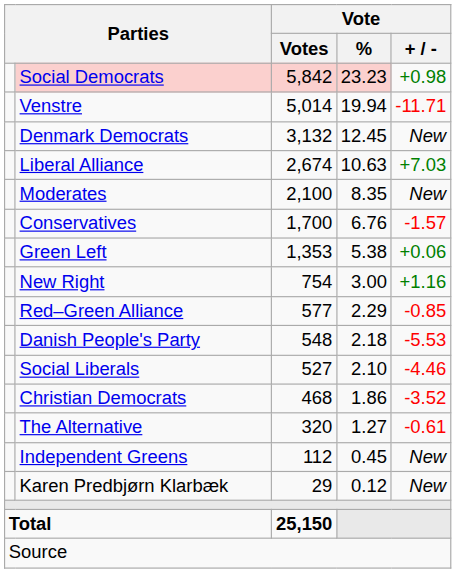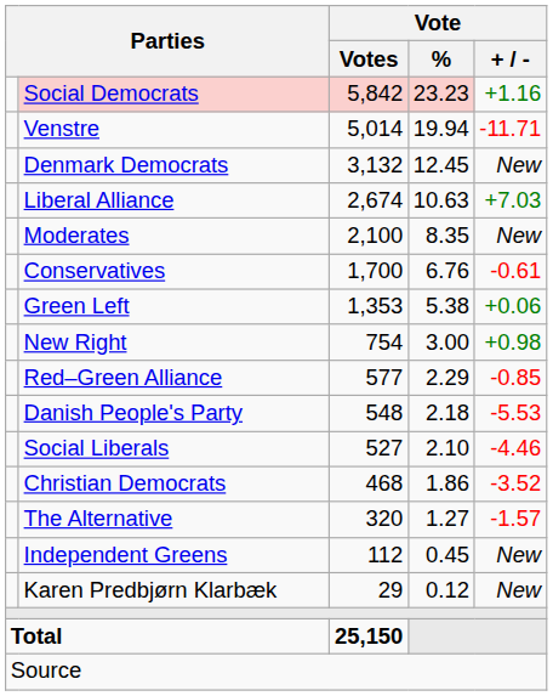 <table class="wikitable" style="text-align:right;">
 <tr>
 <th style="text-align:centre;" rowspan="2" colspan="2" width="225">Parties</th>
 <th colspan="3">Vote</th>
 </tr>
 <tr>
 <th width="15">Votes</th>
 <th width="15">%</th>
 <th width="15">+ / -</th>
 </tr>
 <tr>
 <td width="2" style="color:inherit;background:"></td>
 <td bgcolor=#fbd0ce  align="left"><a href='#'>Social Democrats</a></td>
 <td bgcolor=#fbd0ce>5,842</td>
 <td bgcolor=#fbd0ce>23.23</td>
-<td style=color:green;>+0.98</td>
+<td style=color:green;>+1.16</td>
 </tr>
 <tr>
 <td width="2" style="color:inherit;background:"></td>
 <td align="left"><a href='#'>Venstre</a></td>
 <td>5,014</td>
 <td>19.94</td>
 <td style=color:red;>-11.71</td>
 </tr>
 <tr>
 <td width="2" style="color:inherit;background:"></td>
 <td align="left"><a href='#'>Denmark Democrats</a></td>
 <td>3,132</td>
 <td>12.45</td>
 <td><em>New</em></td>
 </tr>
 <tr>
 <td width="2" style="color:inherit;background:"></td>
 <td align="left"><a href='#'>Liberal Alliance</a></td>
 <td>2,674</td>
 <td>10.63</td>
 <td style=color:green;>+7.03</td>
 </tr>
 <tr>
 <td width="2" style="color:inherit;background:"></td>
 <td align="left"><a href='#'>Moderates</a></td>
 <td>2,100</td>
 <td>8.35</td>
 <td><em>New</em></td>
 </tr>
 <tr>
 <td width="2" style="color:inherit;background:"></td>
 <td align="left"><a href='#'>Conservatives</a></td>
 <td>1,700</td>
 <td>6.76</td>
-<td style=color:red;>-1.57</td>
+<td style=color:red;>-0.61</td>
 </tr>
 <tr>
 <td width="2" style="color:inherit;background:"></td>
 <td align="left"><a href='#'>Green Left</a></td>
 <td>1,353</td>
 <td>5.38</td>
 <td style=color:green;>+0.06</td>
 </tr>
 <tr>
 <td width="2" style="color:inherit;background:"></td>
 <td align="left"><a href='#'>New Right</a></td>
 <td>754</td>
 <td>3.00</td>
-<td style=color:green;>+1.16</td>
+<td style=color:green;>+0.98</td>
 </tr>
 <tr>
 <td width="2" style="color:inherit;background:"></td>
 <td align="left"><a href='#'>Red–Green Alliance</a></td>
 <td>577</td>
 <td>2.29</td>
 <td style=color:red;>-0.85</td>
 </tr>
 <tr>
 <td width="2" style="color:inherit;background:"></td>
 <td align="left"><a href='#'>Danish People's Party</a></td>
 <td>548</td>
 <td>2.18</td>
 <td style=color:red;>-5.53</td>
 </tr>
 <tr>
 <td width="2" style="color:inherit;background:"></td>
 <td align="left"><a href='#'>Social Liberals</a></td>
 <td>527</td>
 <td>2.10</td>
 <td style=color:red;>-4.46</td>
 </tr>
 <tr>
 <td width="2" style="color:inherit;background:"></td>
 <td align="left"><a href='#'>Christian Democrats</a></td>
 <td>468</td>
 <td>1.86</td>
 <td style=color:red;>-3.52</td>
 </tr>
 <tr>
 <td width="2" style="color:inherit;background:"></td>
 <td align="left"><a href='#'>The Alternative</a></td>
 <td>320</td>
 <td>1.27</td>
-<td style=color:red;>-0.61</td>
+<td style=color:red;>-1.57</td>
 </tr>
 <tr>
 <td width="2" style="color:inherit;background:"></td>
 <td align="left"><a href='#'>Independent Greens</a></td>
 <td>112</td>
 <td>0.45</td>
 <td><em>New</em></td>
 </tr>
 <tr>
 <td width="2" style="color:inherit;background:"></td>
 <td align="left">Karen Predbjørn Klarbæk</td>
 <td>29</td>
 <td>0.12</td>
 <td><em>New</em></td>
 </tr>
 <tr>
 <td colspan="7" bgcolor="#E9E9E9"></td>
 </tr>
 <tr>
 <td align="left" colspan="2"><strong>Total</strong></td>
 <td><strong>25,150</strong></td>
 <td bgcolor="#E9E9E9" colspan="2"></td>
 </tr>
 <tr>
 <td align="left" colspan="6">Source</td>
 </tr>
 </table>
